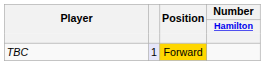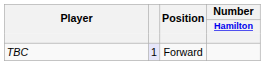 <table class="wikitable sortable" style="text-align:center;">
 <tr>
 <th rowspan=2 style="border-bottom:0; width:13em;">Player</th>
 <th rowspan=2 style="border-bottom:0;"></th>
 <th rowspan=2 style="border-bottom:0;">Position</th>
 <th colspan=1 style="padding:2px;">Number</th>
 </tr>
 <tr>
 <th style="vertical-align:top;width:5.5em;border-bottom:1px solid transparent;padding:2px;font-size:85%;"><a href='#'>Hamilton</a></th>
 </tr>
 <tr style="line-height:8px;">
 <th style="border-top:1px solid transparent;"></th>
 <th style="border-top:1px solid transparent;"> </th>
 <th style="border-top:1px solid transparent;"> </th>
 <th data-sort-type="number" style="border-top:0;"></th>
 </tr>
 <tr>
 <td align=left><em>TBC</em></td>
 <td style="background: lavender;">1</td>
-<td style="background: gold;">Forward</td>
+<td>Forward</td>
 <td></td>
 </tr>
 </table>
